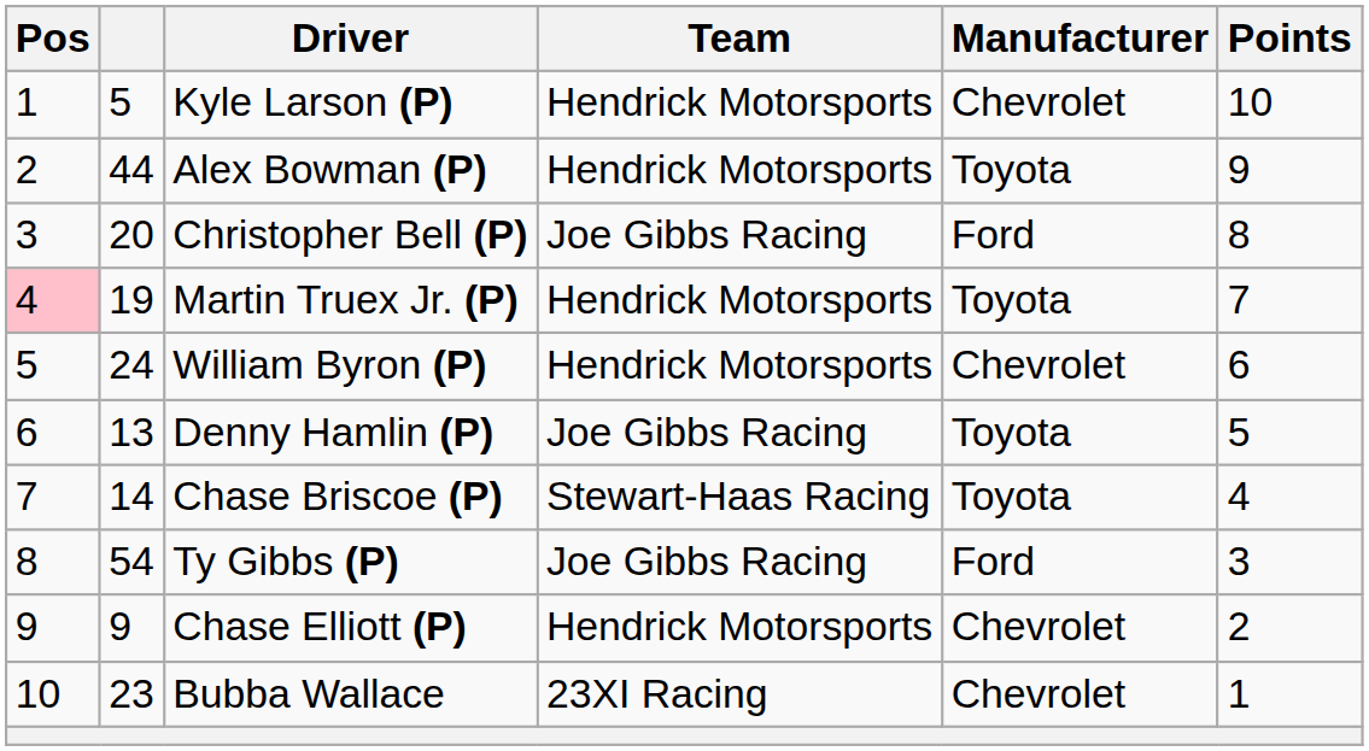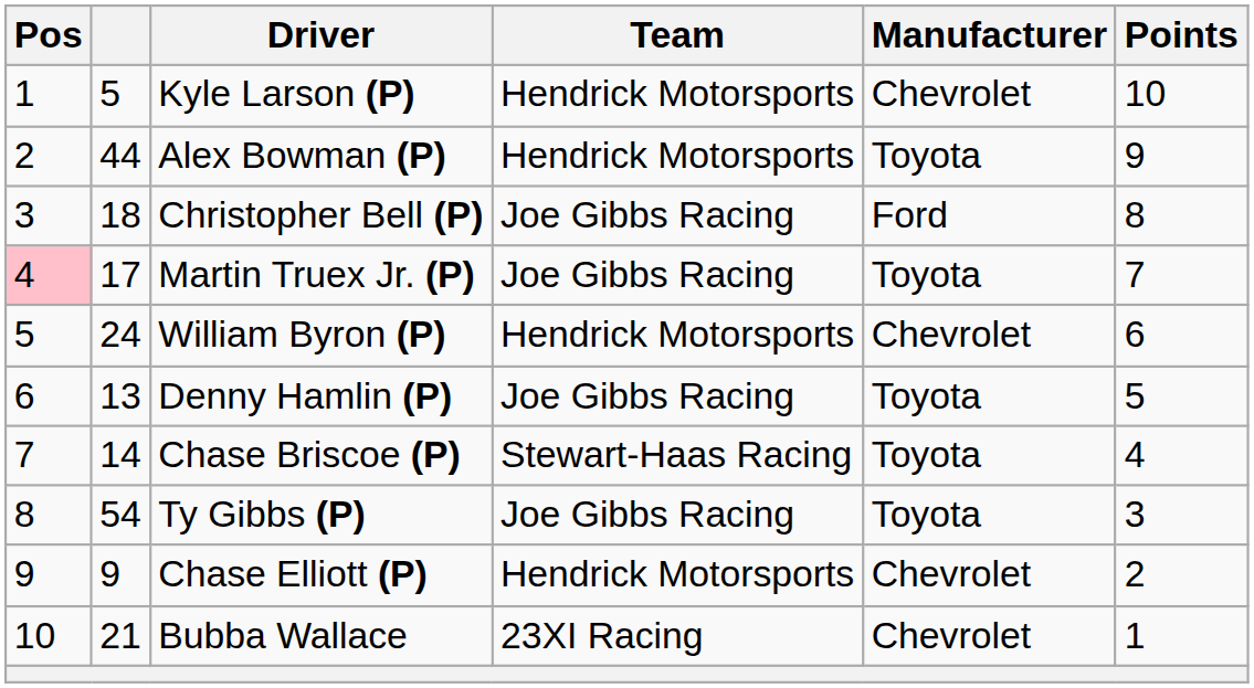 <table class="wikitable" style="font-size:98%">
 <tr>
 <th>Pos</th>
 <th></th>
 <th>Driver</th>
 <th>Team</th>
 <th>Manufacturer</th>
 <th>Points</th>
 </tr>
 <tr>
 <td>1</td>
 <td>5</td>
 <td>Kyle Larson <strong>(P)</strong></td>
 <td>Hendrick Motorsports</td>
 <td>Chevrolet</td>
 <td>10</td>
 </tr>
 <tr>
 <td>2</td>
 <td>44</td>
 <td>Alex Bowman <strong>(P)</strong></td>
 <td>Hendrick Motorsports</td>
 <td>Toyota</td>
 <td>9</td>
 </tr>
 <tr>
 <td>3</td>
-<td>20</td>
+<td>18</td>
 <td>Christopher Bell <strong>(P)</strong></td>
 <td>Joe Gibbs Racing</td>
 <td>Ford</td>
 <td>8</td>
 </tr>
 <tr>
 <td style="background: pink;">4</td>
-<td>19</td>
+<td>17</td>
 <td>Martin Truex Jr. <strong>(P)</strong></td>
-<td>Hendrick Motorsports</td>
+<td>Joe Gibbs Racing</td>
 <td>Toyota</td>
 <td>7</td>
 </tr>
 <tr>
 <td>5</td>
 <td>24</td>
 <td>William Byron <strong>(P)</strong></td>
 <td>Hendrick Motorsports</td>
 <td>Chevrolet</td>
 <td>6</td>
 </tr>
 <tr>
 <td>6</td>
 <td>13</td>
 <td>Denny Hamlin <strong>(P)</strong></td>
 <td>Joe Gibbs Racing</td>
 <td>Toyota</td>
 <td>5</td>
 </tr>
 <tr>
 <td>7</td>
 <td>14</td>
 <td>Chase Briscoe <strong>(P)</strong></td>
 <td>Stewart-Haas Racing</td>
 <td>Toyota</td>
 <td>4</td>
 </tr>
 <tr>
 <td>8</td>
 <td>54</td>
 <td>Ty Gibbs <strong>(P)</strong></td>
 <td>Joe Gibbs Racing</td>
-<td>Ford</td>
+<td>Toyota</td>
 <td>3</td>
 </tr>
 <tr>
 <td>9</td>
 <td>9</td>
 <td>Chase Elliott <strong>(P)</strong></td>
 <td>Hendrick Motorsports</td>
 <td>Chevrolet</td>
 <td>2</td>
 </tr>
 <tr>
 <td>10</td>
-<td>23</td>
+<td>21</td>
 <td>Bubba Wallace</td>
 <td>23XI Racing</td>
 <td>Chevrolet</td>
 <td>1</td>
 </tr>
 <tr>
 <th colspan="6"></th>
 </tr>
 </table>
